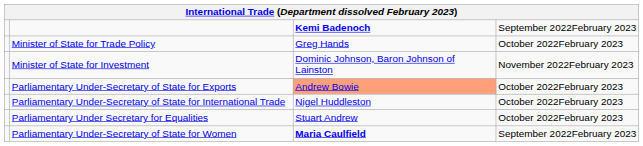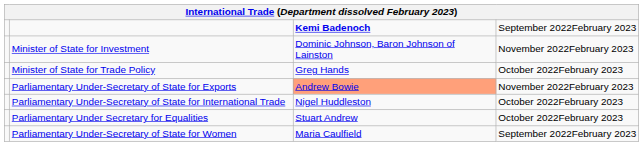 <table class="wikitable">
 <tr>
 <th colspan="4"><a href='#'>International Trade</a> (<em>Department dissolved February 2023</em>)</th>
 </tr>
 <tr>
 <td rowspan="1" style="width: 1px; background: "></td>
 <td rowspan="1"></td>
 <td style="width: 320px;"><strong><a href='#'>Kemi Badenoch</a></strong> </td>
 <td>September 2022February 2023</td>
 </tr>
 <tr>
 <td rowspan="1" style="width: 1px; background: "></td>
+<td><a href='#'>Minister of State for Investment</a></td>
+<td><a href='#'>Dominic Johnson, Baron Johnson of Lainston</a> </td>
+<td>November 2022February 2023</td>
+</tr>
+<tr>
+<td rowspan="1" style="width: 1px; background: "></td>
 <td rowspan="1" style="width: 450px;"><a href='#'>Minister of State for Trade Policy</a></td>
 <td style="width: 320px;"><a href='#'>Greg Hands</a></td>
 <td>October 2022February 2023</td>
 </tr>
 <tr>
-<td rowspan="1" style="width: 1px; background: "></td>
-<td><a href='#'>Minister of State for Investment</a></td>
-<td><a href='#'>Dominic Johnson, Baron Johnson of Lainston</a> </td>
-<td>November 2022February 2023</td>
-</tr>
-<tr>
 <td style="width: 1px; background: "></td>
 <td><a href='#'>Parliamentary Under-Secretary of State for Exports</a></td>
 <td style="background: lightsalmon;"><a href='#'>Andrew Bowie</a></td>
-<td>October 2022February 2023</td>
+<td>November 2022February 2023</td>
 </tr>
 <tr>
 <td rowspan="1" style="width: 1px; background: "></td>
 <td rowspan="1"><a href='#'>Parliamentary Under-Secretary of State for International Trade</a></td>
 <td><a href='#'>Nigel Huddleston</a> </td>
 <td>October 2022February 2023</td>
 </tr>
 <tr>
 <td rowspan="1" style="width: 1px; background: "></td>
 <td rowspan="1"><a href='#'>Parliamentary Under Secretary for Equalities</a></td>
 <td style="width: 320px;"><a href='#'>Stuart Andrew</a></td>
 <td>October 2022February 2023</td>
 </tr>
 <tr>
 <td rowspan="1" style="width: 1px; background: "></td>
 <td rowspan="1"><a href='#'>Parliamentary Under-Secretary of State for Women</a></td>
-<td><strong><a href='#'>Maria Caulfield</a></strong></td>
+<td><a href='#'>Maria Caulfield</a></td>
 <td>September 2022February 2023</td>
 </tr>
 </table>
